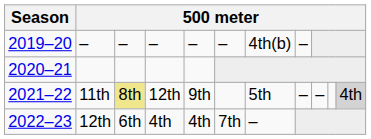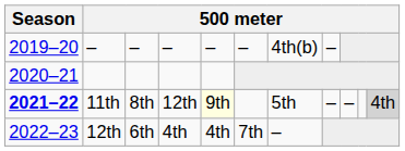 <table class="wikitable" style="display: inline-table;"! Season>
 <tr>
 <th>Season</th>
 <th colspan="10">500 meter</th>
 </tr>
 <tr>
 <td><a href='#'>2019–20</a></td>
 <td>–</td>
 <td>–</td>
 <td>–</td>
 <td>–</td>
 <td>–</td>
 <td>4th(b)</td>
 <td>–</td>
 <td colspan="3" bgcolor=#EEEEEE></td>
 </tr>
 <tr>
 <td><a href='#'>2020–21</a></td>
 <td></td>
 <td></td>
 <td></td>
 <td></td>
 <td colspan="6" bgcolor=#EEEEEE></td>
 </tr>
 <tr>
-<td><a href='#'>2021–22</a></td>
+<td><strong><a href='#'>2021–22</a></strong></td>
 <td>11th</td>
-<td style="background: khaki;">8th</td>
+<td>8th</td>
 <td>12th</td>
-<td>9th</td>
+<td style="background: lightyellow;">9th</td>
 <td></td>
 <td>5th</td>
 <td>–</td>
 <td>–</td>
 <td></td>
 <td style="background: lightgrey;">4th</td>
 </tr>
 <tr>
 <td><a href='#'>2022–23</a></td>
 <td>12th</td>
 <td>6th</td>
 <td>4th</td>
 <td>4th</td>
 <td>7th</td>
 <td>–</td>
 <td colspan="4" bgcolor=#EEEEEE></td>
 </tr>
 </table>
